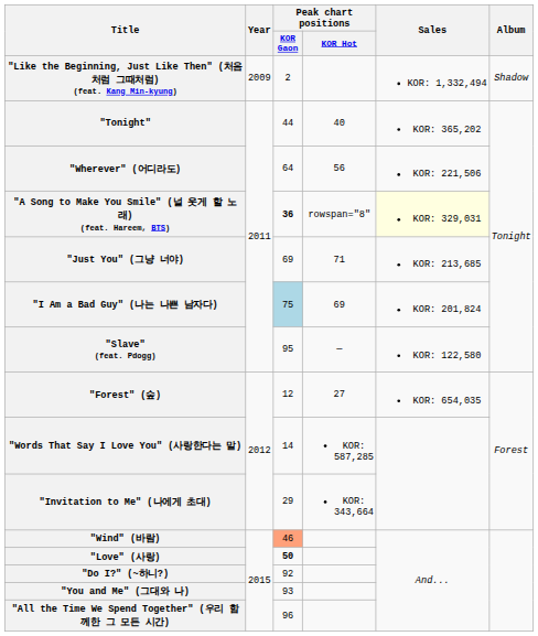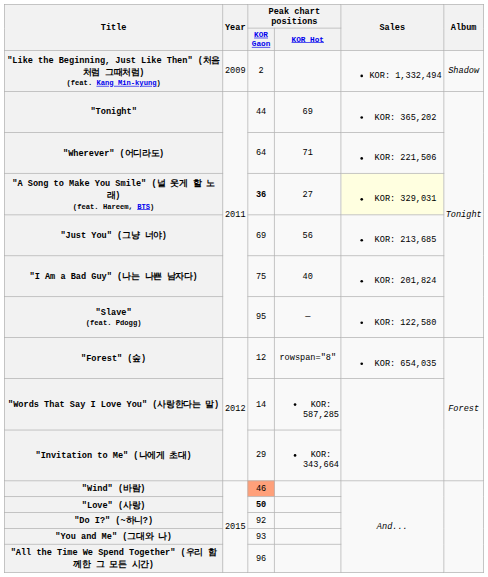 <table class="wikitable plainrowheaders" style="text-align:center;">
 <tr>
 <th rowspan="2" scope="col" style="width:25em;">Title</th>
 <th rowspan="2" scope="col">Year</th>
 <th colspan="2" scope="col" style="width:5em;">Peak chart positions</th>
 <th rowspan="2">Sales</th>
 <th rowspan="2" scope="col">Album</th>
 </tr>
 <tr>
 <th scope="col" style="width:3em;font-size:90%;"><a href='#'>KOR Gaon</a><br></th>
 <th scope="col" style="width:3em;font-size:90%;"><a href='#'>KOR Hot</a><br></th>
 </tr>
 <tr>
 <th scope="row">"Like the Beginning, Just Like Then" (처음처럼 그때처럼) <br> <small>(feat. <a href='#'>Kang Min-kyung</a>)</small></th>
 <td>2009</td>
 <td>2</td>
 <td></td>
 <td><br><ul><li>KOR: 1,332,494</li></ul></td>
 <td><em>Shadow</em></td>
 </tr>
 <tr>
 <th scope="row">"Tonight"</th>
 <td rowspan="6">2011</td>
 <td>44</td>
-<td>40</td>
+<td>69</td>
 <td><br><ul><li>KOR: 365,202</li></ul></td>
 <td rowspan="6"><em>Tonight</em></td>
 </tr>
 <tr>
 <th scope="row">"Wherever" (어디라도)</th>
 <td>64</td>
-<td>56</td>
+<td>71</td>
 <td><br><ul><li>KOR: 221,506</li></ul></td>
 </tr>
 <tr>
 <th scope="row">"A Song to Make You Smile" (널 웃게 할 노래) <br> <small>(feat. Hareem, <a href='#'>BTS</a>)</small></th>
 <td><strong>36</strong></td>
-<td>rowspan="8" </td>
+<td>27</td>
 <td style="background: lightyellow;"><br><ul><li>KOR: 329,031</li></ul></td>
 </tr>
 <tr>
 <th scope="row">"Just You" (그냥 너야)</th>
 <td>69</td>
-<td>71</td>
+<td>56</td>
 <td><br><ul><li>KOR: 213,685</li></ul></td>
 </tr>
 <tr>
 <th scope="row">"I Am a Bad Guy" (나는 나쁜 남자다)</th>
-<td style="background: lightblue;">75</td>
-<td>69</td>
+<td>75</td>
+<td>40</td>
 <td><br><ul><li>KOR: 201,824</li></ul></td>
 </tr>
 <tr>
 <th scope="row">"Slave"<br><small>(feat. Pdogg)</small></th>
 <td>95</td>
 <td>—</td>
 <td><br><ul><li>KOR: 122,580</li></ul></td>
 </tr>
 <tr>
 <th scope="row">"Forest" (숲)</th>
 <td rowspan="3">2012</td>
 <td>12</td>
-<td>27</td>
+<td>rowspan="8" </td>
 <td><br><ul><li>KOR: 654,035</li></ul></td>
 <td rowspan="3"><em>Forest</em></td>
 </tr>
 <tr>
 <th scope="row">"Words That Say I Love You" (사랑한다는 말)</th>
 <td>14</td>
 <td><br><ul><li>KOR: 587,285</li></ul></td>
 </tr>
 <tr>
 <th scope="row">"Invitation to Me" (나에게 초대)</th>
 <td>29</td>
 <td><br><ul><li>KOR: 343,664</li></ul></td>
 </tr>
 <tr>
 <th scope="row">"Wind" (바람)</th>
 <td rowspan="5">2015</td>
 <td style="background: lightsalmon;">46</td>
 <td></td>
 <td rowspan="5"><em>And...</em></td>
 </tr>
 <tr>
 <th scope="row">"Love" (사랑)</th>
 <td><strong>50</strong></td>
 <td></td>
 </tr>
 <tr>
 <th scope="row">"Do I?" (~하니?)</th>
 <td>92</td>
 <td></td>
 </tr>
 <tr>
 <th scope="row">"You and Me" (그대와 나)</th>
 <td>93</td>
 <td></td>
 </tr>
 <tr>
 <th scope="row">"All the Time We Spend Together" (우리 함께한 그 모든 시간)</th>
 <td>96</td>
 <td></td>
 </tr>
 </table>
